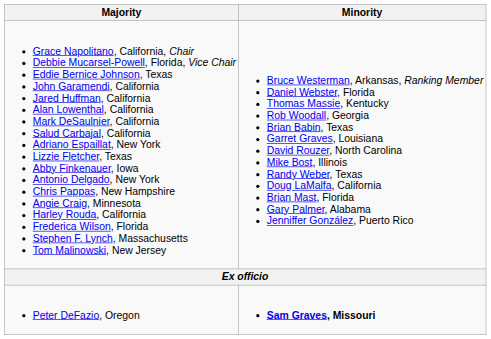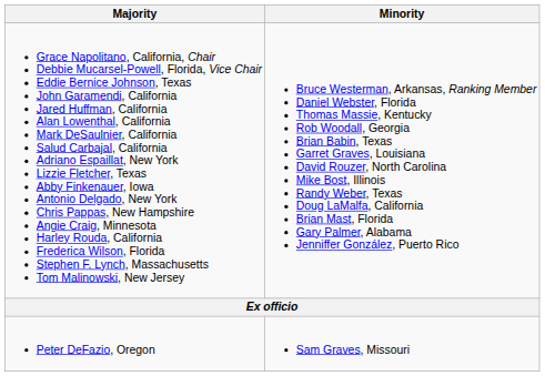 <table class=wikitable>
 <tr>
 <th>Majority</th>
 <th>Minority</th>
 </tr>
 <tr>
 <td><br><ul><li><a href='#'>Grace Napolitano</a>, California, <em>Chair</em></li><li><a href='#'>Debbie Mucarsel-Powell</a>, Florida, <em>Vice Chair</em></li><li><a href='#'>Eddie Bernice Johnson</a>, Texas</li><li><a href='#'>John Garamendi</a>, California</li><li><a href='#'>Jared Huffman</a>, California</li><li><a href='#'>Alan Lowenthal</a>, California</li><li><a href='#'>Mark DeSaulnier</a>, California</li><li><a href='#'>Salud Carbajal</a>, California</li><li><a href='#'>Adriano Espaillat</a>, New York</li><li><a href='#'>Lizzie Fletcher</a>, Texas</li><li><a href='#'>Abby Finkenauer</a>, Iowa</li><li><a href='#'>Antonio Delgado</a>, New York</li><li><a href='#'>Chris Pappas</a>, New Hampshire</li><li><a href='#'>Angie Craig</a>, Minnesota</li><li><a href='#'>Harley Rouda</a>, California</li><li><a href='#'>Frederica Wilson</a>, Florida</li><li><a href='#'>Stephen F. Lynch</a>, Massachusetts</li><li><a href='#'>Tom Malinowski</a>, New Jersey</li></ul></td>
 <td><br><ul><li><a href='#'>Bruce Westerman</a>, Arkansas, <em>Ranking Member</em></li><li><a href='#'>Daniel Webster</a>, Florida</li><li><a href='#'>Thomas Massie</a>, Kentucky</li><li><a href='#'>Rob Woodall</a>, Georgia</li><li><a href='#'>Brian Babin</a>, Texas</li><li><a href='#'>Garret Graves</a>, Louisiana</li><li><a href='#'>David Rouzer</a>, North Carolina</li><li><a href='#'>Mike Bost</a>, Illinois</li><li><a href='#'>Randy Weber</a>, Texas</li><li><a href='#'>Doug LaMalfa</a>, California</li><li><a href='#'>Brian Mast</a>, Florida</li><li><a href='#'>Gary Palmer</a>, Alabama</li><li><a href='#'>Jenniffer González</a>, Puerto Rico</li></ul></td>
 </tr>
 <tr>
 <th colspan=2><em>Ex officio</em></th>
 </tr>
 <tr>
 <td><br><ul><li><a href='#'>Peter DeFazio</a>, Oregon</li></ul></td>
-<td><strong><br><ul><li><a href='#'>Sam Graves</a>, Missouri</li></ul></strong></td>
+<td><br><ul><li><a href='#'>Sam Graves</a>, Missouri</li></ul></td>
 </tr>
 </table>
